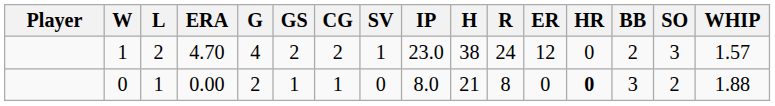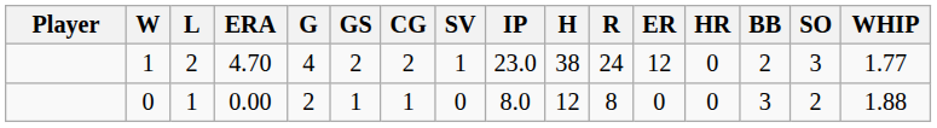 <table class="wikitable sortable">
 <tr>
 <th bgcolor="#DDDDFF" width="11%">Player</th>
 <th bgcolor="#DDDDFF" width="4%">W</th>
 <th bgcolor="#DDDDFF" width="4%">L</th>
 <th bgcolor="#DDDDFF" width="6%">ERA</th>
 <th bgcolor="#DDDDFF" width="4%">G</th>
 <th bgcolor="#DDDDFF" width="4%">GS</th>
 <th bgcolor="#DDDDFF" width="4%">CG</th>
 <th bgcolor="#DDDDFF" width="4%">SV</th>
 <th bgcolor="#DDDDFF" width="4%">IP</th>
 <th bgcolor="#DDDDFF" width="4%">H</th>
 <th bgcolor="#DDDDFF" width="4%">R</th>
 <th bgcolor="#DDDDFF" width="4%">ER</th>
 <th bgcolor="#DDDDFF" width="4%">HR</th>
 <th bgcolor="#DDDDFF" width="4%">BB</th>
 <th bgcolor="#DDDDFF" width="4%">SO</th>
 <th bgcolor="#DDDDFF" width="6%">WHIP</th>
 </tr>
 <tr align ="center">
 <td></td>
 <td>1</td>
 <td>2</td>
 <td>4.70</td>
 <td>4</td>
 <td>2</td>
 <td>2</td>
 <td>1</td>
 <td>23.0</td>
 <td>38</td>
 <td>24</td>
 <td>12</td>
 <td>0</td>
 <td>2</td>
 <td>3</td>
-<td>1.57</td>
+<td>1.77</td>
 </tr>
 <tr align ="center">
 <td></td>
 <td>0</td>
 <td>1</td>
 <td>0.00</td>
 <td>2</td>
 <td>1</td>
 <td>1</td>
 <td>0</td>
 <td>8.0</td>
-<td>21</td>
+<td>12</td>
 <td>8</td>
 <td>0</td>
-<td><strong>0</strong></td>
+<td>0</td>
 <td>3</td>
 <td>2</td>
 <td>1.88</td>
 </tr>
 </table>
